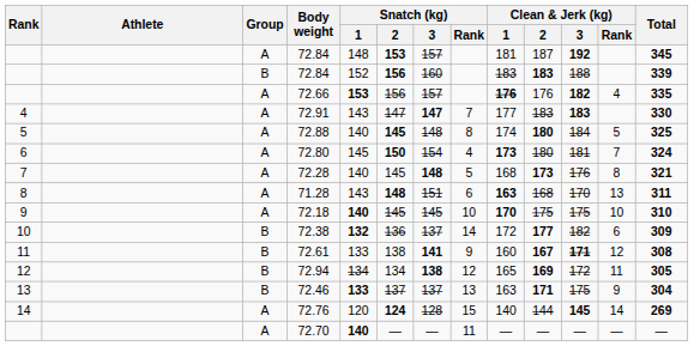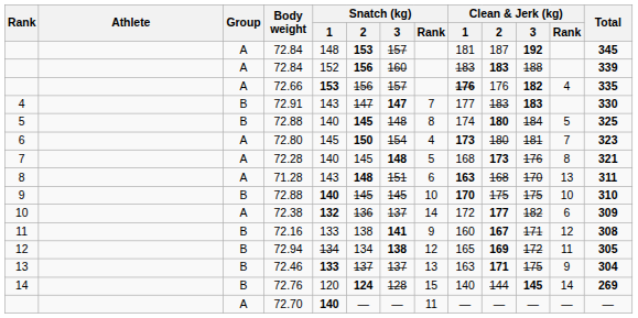 <table class = "wikitable" style="text-align:center;">
 <tr>
 <th rowspan=2 width=40>Rank</th>
 <th rowspan=2 width=250>Athlete</th>
 <th rowspan=2 width=50>Group</th>
 <th rowspan=2 width=60>Body weight</th>
 <th colspan=4>Snatch (kg)</th>
 <th colspan=4>Clean & Jerk (kg)</th>
 <th rowspan=2 width=60>Total</th>
 </tr>
 <tr>
 <th width=40>1</th>
 <th width=40>2</th>
 <th width=40>3</th>
 <th width=40>Rank</th>
 <th width=40>1</th>
 <th width=40>2</th>
 <th width=40>3</th>
 <th width=40>Rank</th>
 </tr>
 <tr>
 <td></td>
 <td align=left></td>
 <td>A</td>
 <td>72.84</td>
 <td>148</td>
 <td><strong>153</strong></td>
 <td><s>157</s></td>
 <td></td>
 <td>181</td>
 <td>187</td>
 <td><strong>192</strong></td>
 <td></td>
 <td><strong>345</strong></td>
 </tr>
 <tr>
 <td></td>
 <td align=left></td>
-<td>B</td>
+<td>A</td>
 <td>72.84</td>
 <td>152</td>
 <td><strong>156</strong></td>
 <td><s>160</s></td>
 <td></td>
 <td><s>183</s></td>
 <td><strong>183</strong></td>
 <td><s>188</s></td>
 <td></td>
 <td><strong>339</strong></td>
 </tr>
 <tr>
 <td></td>
 <td align=left></td>
 <td>A</td>
 <td>72.66</td>
 <td><strong>153</strong></td>
 <td><s>156</s></td>
 <td><s>157</s></td>
 <td></td>
 <td><strong><s>176</s></strong></td>
 <td>176</td>
 <td><strong>182</strong></td>
 <td>4</td>
 <td><strong>335</strong></td>
 </tr>
 <tr>
 <td>4</td>
 <td align=left></td>
-<td>A</td>
+<td>B</td>
 <td>72.91</td>
 <td>143</td>
 <td><s>147</s></td>
 <td><strong>147</strong></td>
 <td>7</td>
 <td>177</td>
 <td><s>183</s></td>
 <td><strong>183</strong></td>
 <td></td>
 <td><strong>330</strong></td>
 </tr>
 <tr>
 <td>5</td>
 <td align=left></td>
-<td>A</td>
+<td>B</td>
 <td>72.88</td>
 <td>140</td>
 <td><strong>145</strong></td>
 <td><s>148</s></td>
 <td>8</td>
 <td>174</td>
 <td><strong>180</strong></td>
 <td><s>184</s></td>
 <td>5</td>
 <td><strong>325</strong></td>
 </tr>
 <tr>
 <td>6</td>
 <td align=left></td>
 <td>A</td>
 <td>72.80</td>
 <td>145</td>
 <td><strong>150</strong></td>
 <td><s>154</s></td>
 <td>4</td>
 <td><strong>173</strong></td>
 <td><s>180</s></td>
 <td><s>181</s></td>
 <td>7</td>
-<td><strong>324</strong></td>
+<td><strong>323</strong></td>
 </tr>
 <tr>
 <td>7</td>
 <td align=left></td>
 <td>A</td>
 <td>72.28</td>
 <td>140</td>
 <td>145</td>
 <td><strong>148</strong></td>
 <td>5</td>
 <td>168</td>
 <td><strong>173</strong></td>
 <td><s>176</s></td>
 <td>8</td>
 <td><strong>321</strong></td>
 </tr>
 <tr>
 <td>8</td>
 <td align=left></td>
 <td>A</td>
 <td>71.28</td>
 <td>143</td>
 <td><strong>148</strong></td>
 <td><s>151</s></td>
 <td>6</td>
 <td><strong>163</strong></td>
 <td><s>168</s></td>
 <td><s>170</s></td>
 <td>13</td>
 <td><strong>311</strong></td>
 </tr>
 <tr>
 <td>9</td>
 <td align=left></td>
-<td>A</td>
-<td>72.18</td>
+<td>B</td>
+<td>72.88</td>
 <td><strong>140</strong></td>
 <td><s>145</s></td>
 <td><s>145</s></td>
 <td>10</td>
 <td><strong>170</strong></td>
 <td><s>175</s></td>
 <td><s>175</s></td>
 <td>10</td>
 <td><strong>310</strong></td>
 </tr>
 <tr>
 <td>10</td>
 <td align=left></td>
-<td>B</td>
+<td>A</td>
 <td>72.38</td>
 <td><strong>132</strong></td>
 <td><s>136</s></td>
 <td><s>137</s></td>
 <td>14</td>
 <td>172</td>
 <td><strong>177</strong></td>
 <td><s>182</s></td>
 <td>6</td>
 <td><strong>309</strong></td>
 </tr>
 <tr>
 <td>11</td>
 <td align=left></td>
 <td>B</td>
-<td>72.61</td>
+<td>72.16</td>
 <td>133</td>
 <td>138</td>
 <td><strong>141</strong></td>
 <td>9</td>
 <td>160</td>
 <td><strong>167</strong></td>
-<td><strong><s>171</s></strong></td>
+<td><s>171</s></td>
 <td>12</td>
 <td><strong>308</strong></td>
 </tr>
 <tr>
 <td>12</td>
 <td align=left></td>
 <td>B</td>
 <td>72.94</td>
 <td><s>134</s></td>
 <td>134</td>
 <td><strong>138</strong></td>
 <td>12</td>
 <td>165</td>
 <td><strong>169</strong></td>
 <td><s>172</s></td>
 <td>11</td>
 <td><strong>305</strong></td>
 </tr>
 <tr>
 <td>13</td>
 <td align=left></td>
 <td>B</td>
 <td>72.46</td>
 <td><strong>133</strong></td>
 <td><s>137</s></td>
 <td><s>137</s></td>
 <td>13</td>
 <td>163</td>
 <td><strong>171</strong></td>
 <td><s>175</s></td>
 <td>9</td>
 <td><strong>304</strong></td>
 </tr>
 <tr>
 <td>14</td>
 <td align=left></td>
-<td>A</td>
+<td>B</td>
 <td>72.76</td>
 <td>120</td>
 <td><strong>124</strong></td>
 <td><s>128</s></td>
 <td>15</td>
 <td>140</td>
 <td><s>144</s></td>
 <td><strong>145</strong></td>
 <td>14</td>
 <td><strong>269</strong></td>
 </tr>
 <tr>
 <td></td>
 <td align=left></td>
 <td>A</td>
 <td>72.70</td>
 <td><strong>140</strong></td>
 <td>—</td>
 <td>—</td>
 <td>11</td>
 <td>—</td>
 <td>—</td>
 <td>—</td>
 <td>—</td>
 <td>—</td>
 </tr>
 </table>
